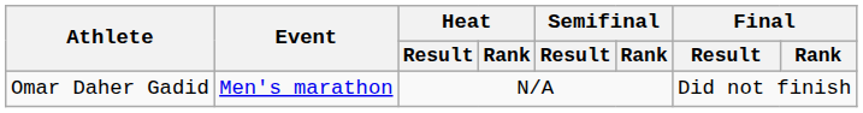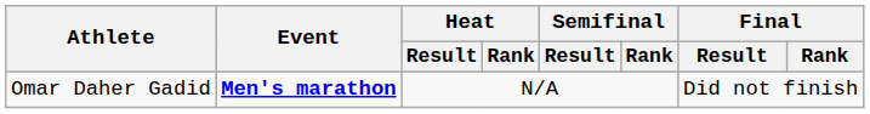 <table class="wikitable" style="font-size:90%">
 <tr>
 <th rowspan="2">Athlete</th>
 <th rowspan="2">Event</th>
 <th colspan="2">Heat</th>
 <th colspan="2">Semifinal</th>
 <th colspan="2">Final</th>
 </tr>
 <tr style="font-size:95%">
 <th>Result</th>
 <th>Rank</th>
 <th>Result</th>
 <th>Rank</th>
 <th>Result</th>
 <th>Rank</th>
 </tr>
 <tr align="center">
 <td align="left">Omar Daher Gadid</td>
-<td align="left"><a href='#'>Men's marathon</a></td>
+<td align="left"><strong><a href='#'>Men's marathon</a></strong></td>
 <td colspan="4">N/A</td>
 <td colspan="2">Did not finish</td>
 </tr>
 </table>
